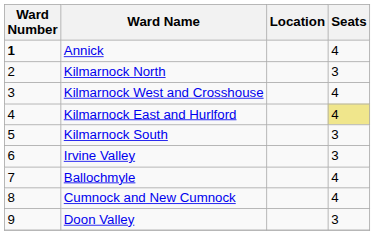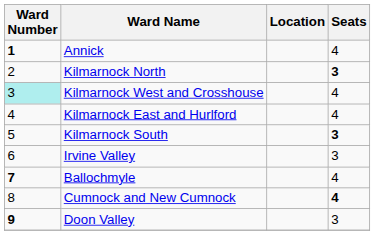 <table class="wikitable sortable">
 <tr>
 <th>Ward<br>Number</th>
 <th>Ward Name</th>
 <th>Location</th>
 <th>Seats</th>
 </tr>
 <tr>
 <td><strong>1</strong></td>
 <td><a href='#'>Annick</a></td>
 <td></td>
 <td>4</td>
 </tr>
 <tr>
 <td>2</td>
 <td><a href='#'>Kilmarnock North</a></td>
 <td></td>
-<td>3</td>
+<td><strong>3</strong></td>
 </tr>
 <tr>
-<td>3</td>
+<td style="background: paleturquoise;">3</td>
 <td><a href='#'>Kilmarnock West and Crosshouse</a></td>
 <td></td>
 <td>4</td>
 </tr>
 <tr>
 <td>4</td>
 <td><a href='#'>Kilmarnock East and Hurlford</a></td>
 <td></td>
-<td style="background: khaki;">4</td>
+<td>4</td>
 </tr>
 <tr>
 <td>5</td>
 <td><a href='#'>Kilmarnock South</a></td>
 <td></td>
-<td>3</td>
+<td><strong>3</strong></td>
 </tr>
 <tr>
 <td>6</td>
 <td><a href='#'>Irvine Valley</a></td>
 <td></td>
 <td>3</td>
 </tr>
 <tr>
-<td>7</td>
+<td><strong>7</strong></td>
 <td><a href='#'>Ballochmyle</a></td>
 <td></td>
 <td>4</td>
 </tr>
 <tr>
 <td>8</td>
 <td><a href='#'>Cumnock and New Cumnock</a></td>
 <td></td>
-<td>4</td>
+<td><strong>4</strong></td>
 </tr>
 <tr>
-<td>9</td>
+<td><strong>9</strong></td>
 <td><a href='#'>Doon Valley</a></td>
 <td></td>
 <td>3</td>
 </tr>
 <tr>
 </tr>
 </table>
